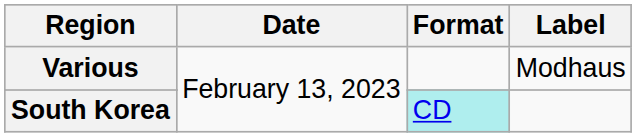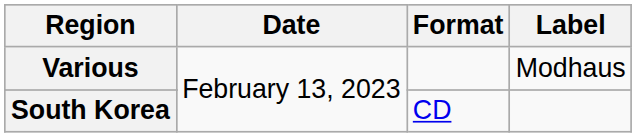 <table class="wikitable plainrowheaders">
 <tr>
 <th scope="col">Region</th>
 <th scope="col">Date</th>
 <th scope="col">Format</th>
 <th scope="col">Label</th>
 </tr>
 <tr>
 <th scope="row">Various</th>
 <td rowspan="3">February 13, 2023</td>
 <td rowspan=2></td>
 <td rowspan=2>Modhaus</td>
 </tr>
 <tr>
 <th scope="row" rowspan="2">South Korea</th>
 </tr>
 <tr>
-<td style="background: paleturquoise;"><a href='#'>CD</a></td>
+<td><a href='#'>CD</a></td>
 <td></td>
 </tr>
 </table>
